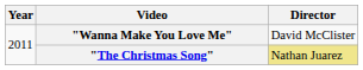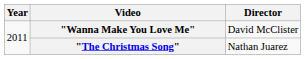 <table class="wikitable plainrowheaders">
 <tr>
 <th>Year</th>
 <th style="width:18em;">Video</th>
 <th>Director</th>
 </tr>
 <tr>
 <td rowspan="2">2011</td>
 <th scope="row">"Wanna Make You Love Me"</th>
 <td>David McClister</td>
 </tr>
 <tr>
 <th scope="row">"<a href='#'>The Christmas Song</a>"</th>
-<td style="background: khaki;">Nathan Juarez</td>
+<td>Nathan Juarez</td>
 </tr>
 </table>
